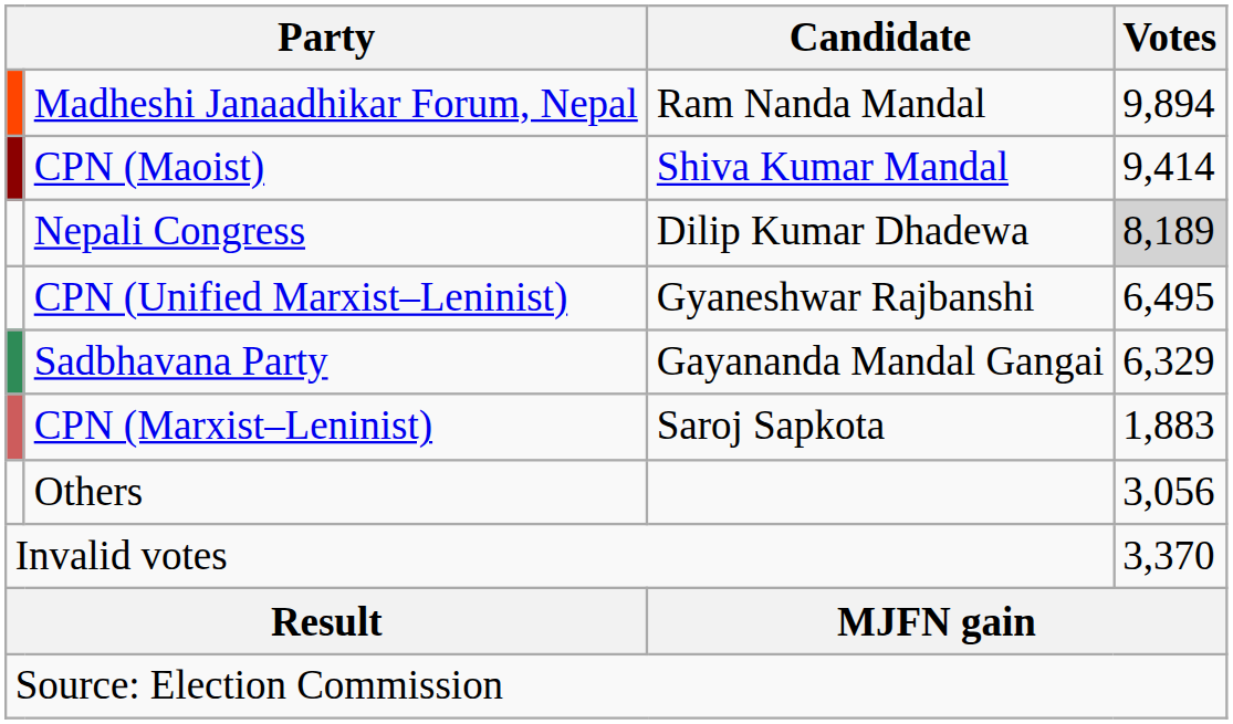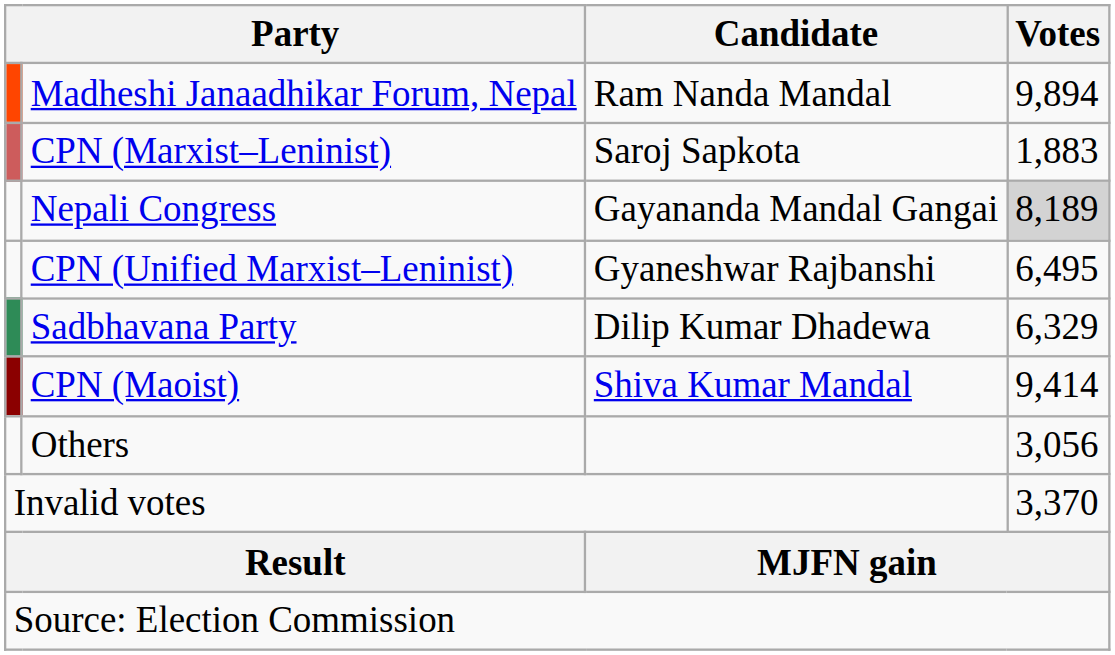 <table class="wikitable">
 <tr>
 <th colspan="2">Party</th>
 <th>Candidate</th>
 <th>Votes</th>
 </tr>
 <tr>
 <td style="background-color:orangered"></td>
 <td><a href='#'>Madheshi Janaadhikar Forum, Nepal</a></td>
 <td>Ram Nanda Mandal</td>
 <td>9,894</td>
 </tr>
 <tr>
-<td style="background-color:darkred"></td>
-<td><a href='#'>CPN (Maoist)</a></td>
-<td><a href='#'>Shiva Kumar Mandal</a></td>
-<td>9,414</td>
+<td style="background-color:indianred"></td>
+<td><a href='#'>CPN (Marxist–Leninist)</a></td>
+<td>Saroj Sapkota</td>
+<td>1,883</td>
 </tr>
 <tr>
 <td style="background-color:"></td>
 <td><a href='#'>Nepali Congress</a></td>
-<td>Dilip Kumar Dhadewa</td>
+<td>Gayananda Mandal Gangai</td>
 <td style="background: lightgrey;">8,189</td>
 </tr>
 <tr>
 <td style="background-color:"></td>
 <td><a href='#'>CPN (Unified Marxist–Leninist)</a></td>
 <td>Gyaneshwar Rajbanshi</td>
 <td>6,495</td>
 </tr>
 <tr>
 <td style="background-color:seagreen"></td>
 <td><a href='#'>Sadbhavana Party</a></td>
-<td>Gayananda Mandal Gangai</td>
+<td>Dilip Kumar Dhadewa</td>
 <td>6,329</td>
 </tr>
 <tr>
-<td style="background-color:indianred"></td>
-<td><a href='#'>CPN (Marxist–Leninist)</a></td>
-<td>Saroj Sapkota</td>
-<td>1,883</td>
+<td style="background-color:darkred"></td>
+<td><a href='#'>CPN (Maoist)</a></td>
+<td><a href='#'>Shiva Kumar Mandal</a></td>
+<td>9,414</td>
 </tr>
 <tr>
 <td></td>
 <td>Others</td>
 <td></td>
 <td>3,056</td>
 </tr>
 <tr>
 <td colspan="3">Invalid votes</td>
 <td>3,370</td>
 </tr>
 <tr>
 <th colspan="2">Result</th>
 <th colspan="2">MJFN gain</th>
 </tr>
 <tr>
 <td colspan="4">Source: Election Commission</td>
 </tr>
 </table>
